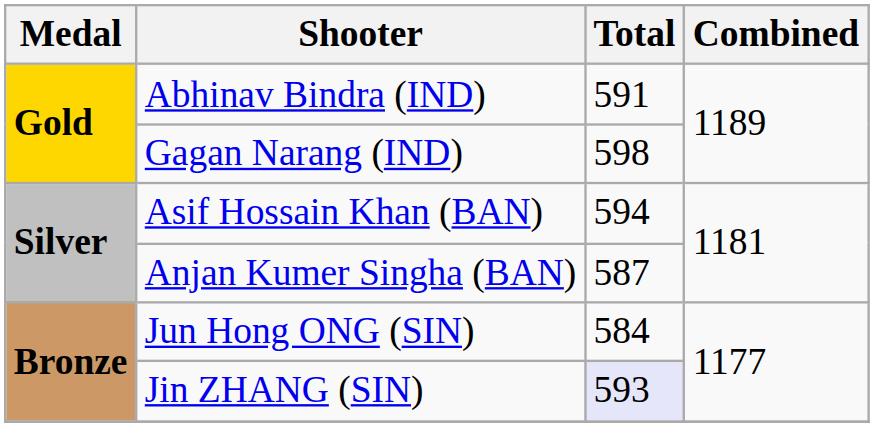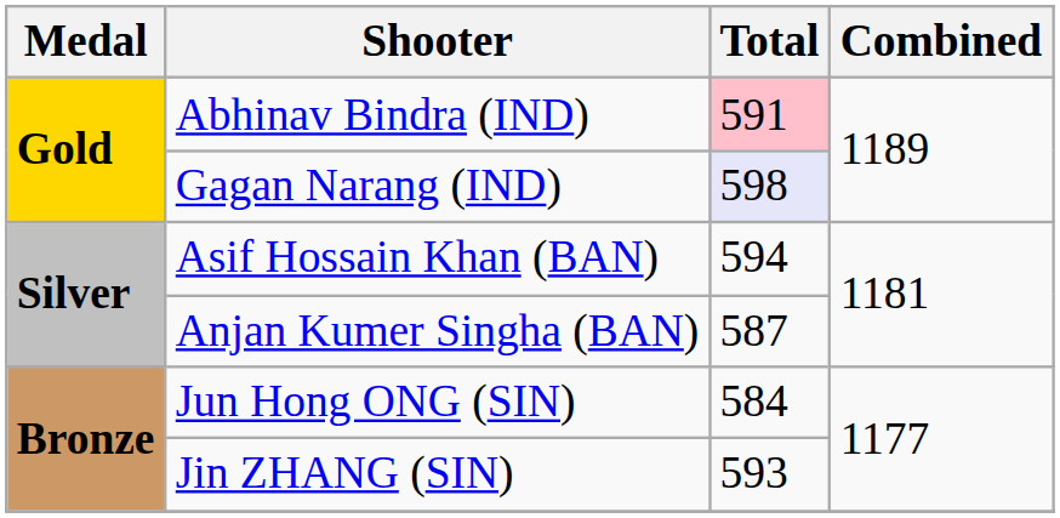 <table class="wikitable">
 <tr>
 <th>Medal</th>
 <th>Shooter</th>
 <th>Total</th>
 <th>Combined</th>
 </tr>
 <tr>
 <td rowspan="2" bgcolor="gold"><strong>Gold</strong></td>
 <td> <a href='#'>Abhinav Bindra</a> (<a href='#'>IND</a>)</td>
-<td>591</td>
+<td style="background: pink;">591</td>
 <td rowspan="2">1189</td>
 </tr>
 <tr>
 <td> <a href='#'>Gagan Narang</a> (<a href='#'>IND</a>)</td>
-<td>598</td>
+<td style="background: lavender;">598</td>
 </tr>
 <tr>
 <td rowspan="2" bgcolor="silver"><strong>Silver</strong></td>
 <td> <a href='#'>Asif Hossain Khan</a> (<a href='#'>BAN</a>)</td>
 <td>594</td>
 <td rowspan="2">1181</td>
 </tr>
 <tr>
 <td> <a href='#'>Anjan Kumer Singha</a> (<a href='#'>BAN</a>)</td>
 <td>587</td>
 </tr>
 <tr>
 <td rowspan="2" bgcolor="cc9966"><strong>Bronze</strong></td>
 <td> <a href='#'>Jun Hong ONG</a> (<a href='#'>SIN</a>)</td>
 <td>584</td>
 <td rowspan="2">1177</td>
 </tr>
 <tr>
 <td> <a href='#'>Jin ZHANG</a> (<a href='#'>SIN</a>)</td>
-<td style="background: lavender;">593</td>
+<td>593</td>
 </tr>
 <tr>
 </tr>
 </table>
